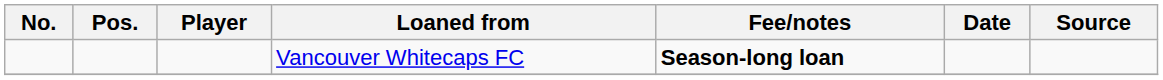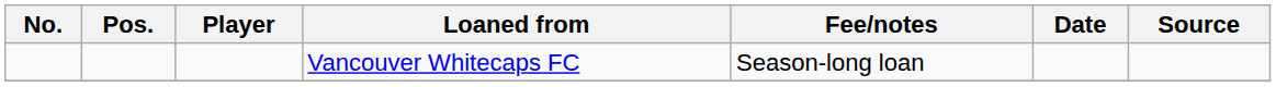 <table class="wikitable sortable" style="width:90%; font-size:95%;">
 <tr>
 <th>No.</th>
 <th>Pos.</th>
 <th>Player</th>
 <th>Loaned from</th>
 <th>Fee/notes</th>
 <th>Date</th>
 <th>Source</th>
 </tr>
 <tr>
 <td align=center></td>
 <td align=center></td>
 <td></td>
 <td> <a href='#'>Vancouver Whitecaps FC</a></td>
-<td><strong>Season-long loan</strong></td>
+<td>Season-long loan</td>
 <td></td>
 <td></td>
 </tr>
 <tr>
 </tr>
 </table>
